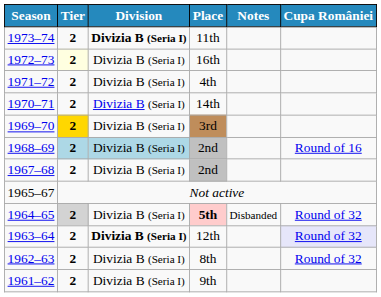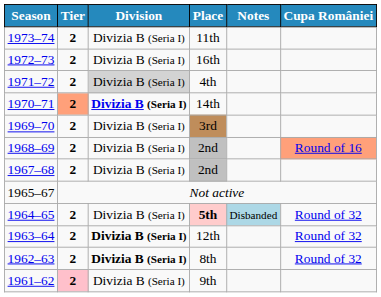 <table class="wikitable" style="text-align:center; font-size:90%">
 <tr>
 <th style="background:#2589bd;color:#FFFFFF;border:1px solid #000000">Season</th>
 <th style="background:#2589bd;color:#FFFFFF;border:1px solid #000000">Tier</th>
 <th style="background:#2589bd;color:#FFFFFF;border:1px solid #000000">Division</th>
 <th style="background:#2589bd;color:#FFFFFF;border:1px solid #000000">Place</th>
 <th style="background:#2589bd;color:#FFFFFF;border:1px solid #000000">Notes</th>
 <th style="background:#2589bd;color:#FFFFFF;border:1px solid #000000">Cupa României</th>
 </tr>
 <tr>
 <td><a href='#'>1973–74</a></td>
 <td><strong>2</strong></td>
-<td><strong>Divizia B <small>(Seria I)</small></strong></td>
+<td>Divizia B <small>(Seria I)</small></td>
 <td>11th</td>
 <td></td>
 <td></td>
 </tr>
 <tr>
 <td><a href='#'>1972–73</a></td>
-<td style="background: lightyellow;"><strong>2</strong></td>
+<td><strong>2</strong></td>
 <td>Divizia B <small>(Seria I)</small></td>
 <td>16th</td>
 <td></td>
 <td></td>
 </tr>
 <tr>
 <td><a href='#'>1971–72</a></td>
 <td><strong>2</strong></td>
-<td>Divizia B <small>(Seria I)</small></td>
+<td style="background: lightgrey;">Divizia B <small>(Seria I)</small></td>
 <td>4th</td>
 <td></td>
 <td></td>
 </tr>
 <tr>
 <td><a href='#'>1970–71</a></td>
-<td><strong>2</strong></td>
-<td><a href='#'>Divizia B</a> <small>(Seria I)</small></td>
+<td style="background: lightsalmon;"><strong>2</strong></td>
+<td><strong><a href='#'>Divizia B</a> <small>(Seria I)</small></strong></td>
 <td>14th</td>
 <td></td>
 <td></td>
 </tr>
 <tr>
 <td><a href='#'>1969–70</a></td>
-<td style="background: gold;"><strong>2</strong></td>
+<td><strong>2</strong></td>
 <td>Divizia B <small>(Seria I)</small></td>
 <td align=center bgcolor=#BF8D5B>3rd</td>
 <td></td>
 <td></td>
 </tr>
 <tr>
 <td><a href='#'>1968–69</a></td>
-<td style="background: lightblue;"><strong>2</strong></td>
-<td style="background: lightblue;">Divizia B <small>(Seria I)</small></td>
+<td><strong>2</strong></td>
+<td>Divizia B <small>(Seria I)</small></td>
 <td align=center bgcolor=silver>2nd</td>
 <td></td>
-<td><a href='#'>Round of 16</a></td>
+<td style="background: lightsalmon;"><a href='#'>Round of 16</a></td>
 </tr>
 <tr>
 <td><a href='#'>1967–68</a></td>
 <td><strong>2</strong></td>
 <td>Divizia B <small>(Seria I)</small></td>
 <td align=center bgcolor=silver>2nd</td>
 <td></td>
 <td></td>
 </tr>
 <tr>
 <td>1965–67</td>
 <td align=center colspan=6><em>Not active</em></td>
 </tr>
 <tr>
 <td><a href='#'>1964–65</a></td>
-<td style="background: lightgrey;"><strong>2</strong></td>
+<td><strong>2</strong></td>
 <td>Divizia B <small>(Seria I)</small></td>
 <td align=center bgcolor=#FFCCCC><strong>5th</strong></td>
-<td><small>Disbanded</small></td>
+<td style="background: lightblue;"><small>Disbanded</small></td>
 <td><a href='#'>Round of 32</a></td>
 </tr>
 <tr>
 <td><a href='#'>1963–64</a></td>
 <td><strong>2</strong></td>
 <td><strong>Divizia B <small>(Seria I)</small></strong></td>
 <td>12th</td>
 <td></td>
-<td style="background: lavender;"><a href='#'>Round of 32</a></td>
+<td><a href='#'>Round of 32</a></td>
 </tr>
 <tr>
 <td><a href='#'>1962–63</a></td>
 <td><strong>2</strong></td>
-<td>Divizia B <small>(Seria I)</small></td>
+<td><strong>Divizia B <small>(Seria I)</small></strong></td>
 <td>8th</td>
 <td></td>
 <td><a href='#'>Round of 32</a></td>
 </tr>
 <tr>
 <td><a href='#'>1961–62</a></td>
-<td><strong>2</strong></td>
+<td style="background: pink;"><strong>2</strong></td>
 <td>Divizia B <small>(Seria I)</small></td>
 <td>9th</td>
 <td></td>
 <td></td>
 </tr>
 </table>
